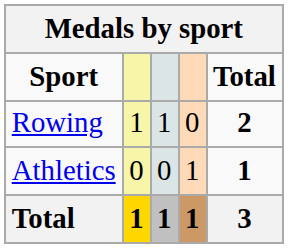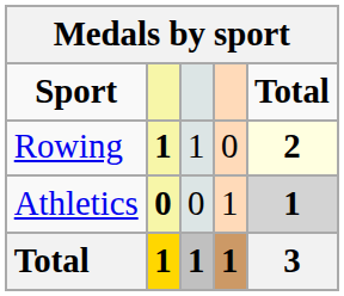 <table class="wikitable" style="text-align:center;font-size:90%">
 <tr style="background:#efefef;">
 <th colspan=7>Medals by sport</th>
 </tr>
 <tr>
 <td><strong>Sport</strong></td>
 <td bgcolor=#f7f6a8></td>
 <td bgcolor=#dce5e5></td>
 <td bgcolor=#ffdab9></td>
 <td><strong>Total</strong></td>
 </tr>
 <tr>
 <td style="text-align:left;"><a href='#'>Rowing</a></td>
-<td style="background:#F7F6A8;">1</td>
+<td style="background:#F7F6A8;"><strong>1</strong></td>
 <td style="background:#DCE5E5;">1</td>
 <td style="background:#FFDAB9;">0</td>
-<td><strong>2</strong></td>
+<td style="background: lightyellow;"><strong>2</strong></td>
 </tr>
 <tr>
 <td style="text-align:left;"><a href='#'>Athletics</a></td>
-<td style="background:#F7F6A8;">0</td>
+<td style="background:#F7F6A8;"><strong>0</strong></td>
 <td style="background:#DCE5E5;">0</td>
 <td style="background:#FFDAB9;">1</td>
-<td><strong>1</strong></td>
+<td style="background: lightgrey;"><strong>1</strong></td>
 </tr>
 <tr>
 <th style="text-align:left;">Total</th>
 <th style="background:gold;">1</th>
 <th style="background:silver;">1</th>
 <th style="background:#c96;">1</th>
 <th>3</th>
 </tr>
 </table>
